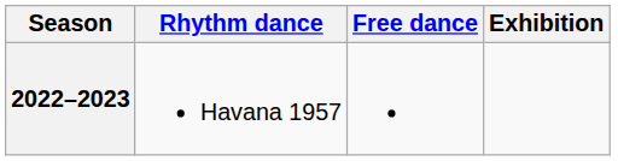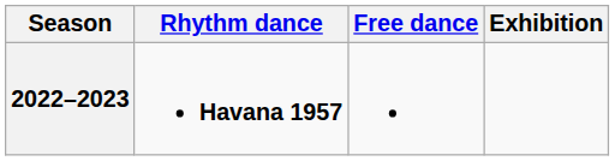 <table class=wikitable style=text-align:center>
 <tr>
 <th>Season</th>
 <th><a href='#'>Rhythm dance</a></th>
 <th><a href='#'>Free dance</a></th>
 <th>Exhibition</th>
 </tr>
 <tr>
 <th>2022–2023</th>
-<td><br><ul><li>Havana 1957 <br> </li></ul></td>
+<td><strong><br><ul><li>Havana 1957 <br> </li></ul></strong></td>
 <td><br><ul><li></li></ul></td>
 </tr>
 </table>
